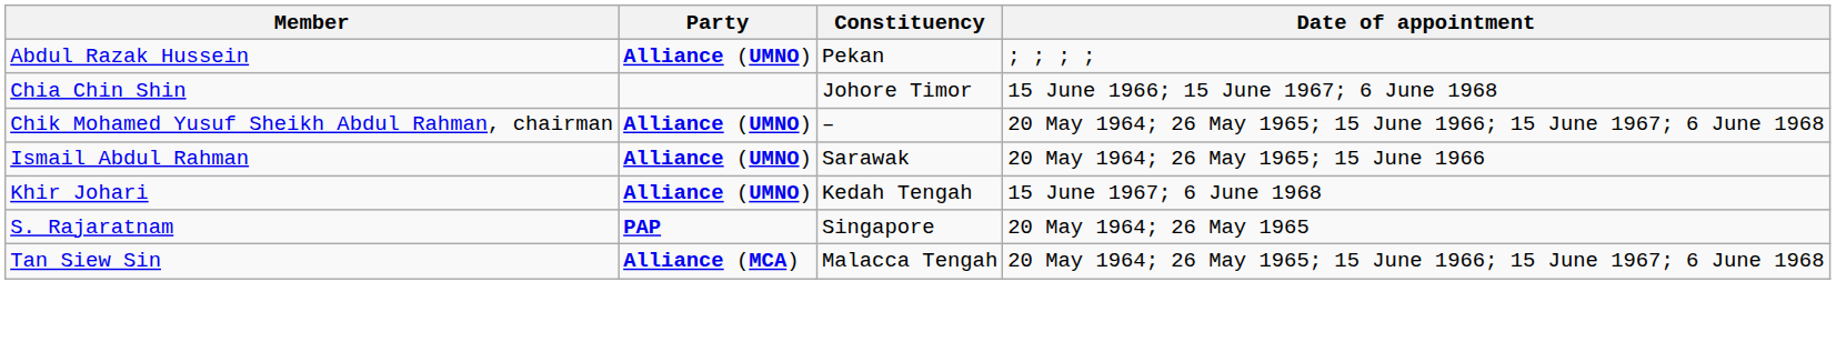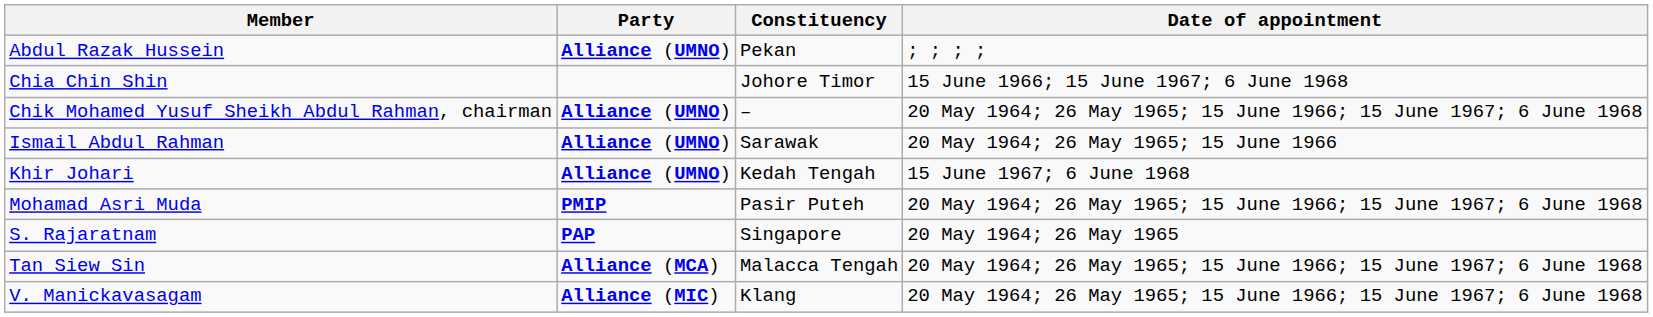 <table class=wikitable>
 <tr>
 <th>Member</th>
 <th>Party</th>
 <th>Constituency</th>
 <th>Date of appointment</th>
 </tr>
 <tr>
 <td><a href='#'>Abdul Razak Hussein</a></td>
 <td><strong><a href='#'>Alliance</a></strong> (<strong><a href='#'>UMNO</a></strong>)</td>
 <td>Pekan</td>
 <td>; ; ; ; </td>
 </tr>
 <tr>
 <td><a href='#'>Chia Chin Shin</a></td>
 <td></td>
 <td>Johore Timor</td>
 <td>15 June 1966; 15 June 1967; 6 June 1968</td>
 </tr>
 <tr>
 <td><a href='#'>Chik Mohamed Yusuf Sheikh Abdul Rahman</a>, chairman</td>
 <td><strong><a href='#'>Alliance</a></strong> (<strong><a href='#'>UMNO</a></strong>)</td>
 <td>–</td>
 <td>20 May 1964; 26 May 1965; 15 June 1966; 15 June 1967; 6 June 1968</td>
 </tr>
 <tr>
 <td><a href='#'>Ismail Abdul Rahman</a></td>
 <td><strong><a href='#'>Alliance</a></strong> (<strong><a href='#'>UMNO</a></strong>)</td>
 <td>Sarawak</td>
 <td>20 May 1964; 26 May 1965; 15 June 1966</td>
 </tr>
 <tr>
 <td><a href='#'>Khir Johari</a></td>
 <td><strong><a href='#'>Alliance</a></strong> (<strong><a href='#'>UMNO</a></strong>)</td>
 <td>Kedah Tengah</td>
 <td>15 June 1967; 6 June 1968</td>
 </tr>
 <tr>
+<td><a href='#'>Mohamad Asri Muda</a></td>
+<td><strong><a href='#'>PMIP</a></strong></td>
+<td>Pasir Puteh</td>
+<td>20 May 1964; 26 May 1965; 15 June 1966; 15 June 1967; 6 June 1968</td>
+</tr>
+<tr>
 <td><a href='#'>S. Rajaratnam</a></td>
 <td><strong><a href='#'>PAP</a></strong></td>
 <td>Singapore</td>
 <td>20 May 1964; 26 May 1965</td>
 </tr>
 <tr>
 <td><a href='#'>Tan Siew Sin</a></td>
 <td><strong><a href='#'>Alliance</a></strong> (<strong><a href='#'>MCA</a></strong>)</td>
 <td>Malacca Tengah</td>
 <td>20 May 1964; 26 May 1965; 15 June 1966; 15 June 1967; 6 June 1968</td>
 </tr>
+<tr>
+<td><a href='#'>V. Manickavasagam</a></td>
+<td><strong><a href='#'>Alliance</a></strong> (<strong><a href='#'>MIC</a></strong>)</td>
+<td>Klang</td>
+<td>20 May 1964; 26 May 1965; 15 June 1966; 15 June 1967; 6 June 1968</td>
+</tr>
 </table>
